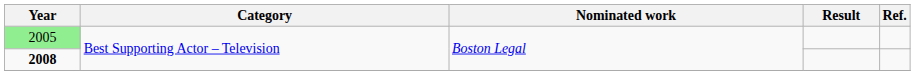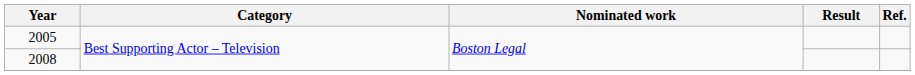 <table class=wikitable>
 <tr>
 <th scope="col" style="width:5em;">Year</th>
 <th scope="col" style="width:26em;">Category</th>
 <th scope="col" style="width:25em;">Nominated work</th>
 <th scope="col" style="width:5em;">Result</th>
 <th>Ref.</th>
 </tr>
 <tr>
-<td style="background: lightgreen; text-align:center;">2005</td>
+<td style="text-align:center;">2005</td>
 <td rowspan=2><a href='#'>Best Supporting Actor – Television</a></td>
 <td rowspan=2><em><a href='#'>Boston Legal</a></em></td>
 <td></td>
 <td></td>
 </tr>
 <tr>
-<td style="text-align:center;"><strong>2008</strong></td>
+<td style="text-align:center;">2008</td>
 <td></td>
 <td></td>
 </tr>
 <tr>
 </tr>
 </table>
